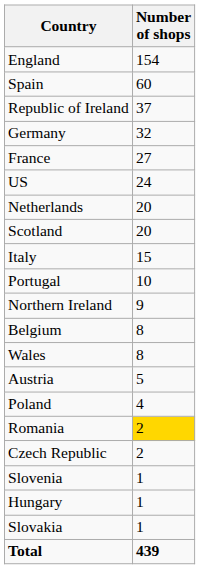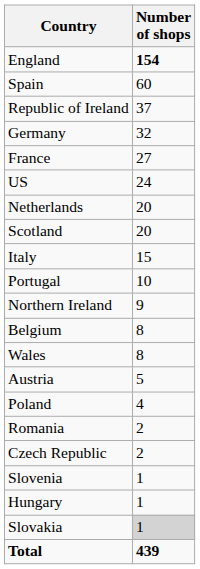 <table class="wikitable sortable floatright" style="display: inline-table">
 <tr>
 <th>Country</th>
 <th>Number<br>of shops</th>
 </tr>
 <tr>
 <td>England</td>
-<td>154</td>
+<td><strong>154</strong></td>
 </tr>
 <tr>
 <td>Spain</td>
 <td>60</td>
 </tr>
 <tr>
 <td>Republic of Ireland</td>
 <td>37</td>
 </tr>
 <tr>
 <td>Germany</td>
 <td>32</td>
 </tr>
 <tr>
 <td>France</td>
 <td>27</td>
 </tr>
 <tr>
 <td>US</td>
 <td>24</td>
 </tr>
 <tr>
 <td>Netherlands</td>
 <td>20</td>
 </tr>
 <tr>
 <td>Scotland</td>
 <td>20</td>
 </tr>
 <tr>
 <td>Italy</td>
 <td>15</td>
 </tr>
 <tr>
 <td>Portugal</td>
 <td>10</td>
 </tr>
 <tr>
 <td>Northern Ireland</td>
 <td>9</td>
 </tr>
 <tr>
 <td>Belgium</td>
 <td>8</td>
 </tr>
 <tr>
 <td>Wales</td>
 <td>8</td>
 </tr>
 <tr>
 <td>Austria</td>
 <td>5</td>
 </tr>
 <tr>
 <td>Poland</td>
 <td>4</td>
 </tr>
 <tr>
 <td>Romania</td>
-<td style="background: gold;">2</td>
+<td>2</td>
 </tr>
 <tr>
 <td>Czech Republic</td>
 <td>2</td>
 </tr>
 <tr>
 <td>Slovenia</td>
 <td>1</td>
 </tr>
 <tr>
 <td>Hungary</td>
 <td>1</td>
 </tr>
 <tr>
 <td>Slovakia</td>
-<td>1</td>
+<td style="background: lightgrey;">1</td>
 </tr>
 <tr class="sortbottom">
 <td><strong>Total</strong></td>
 <td><strong>439</strong></td>
 </tr>
 </table>
